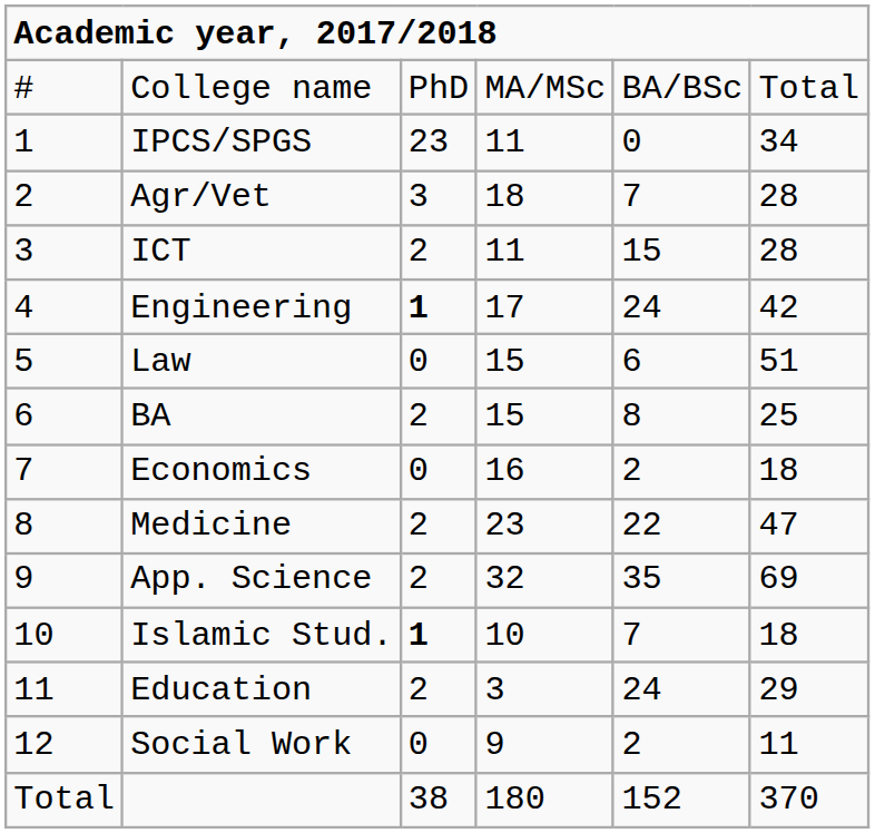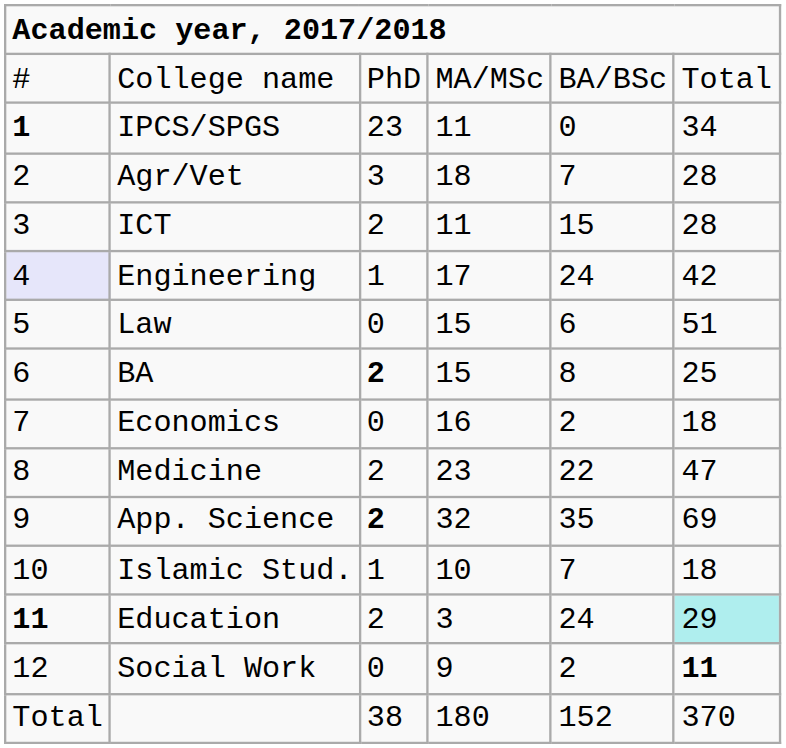 <table class="wikitable">
 <tr>
 <td colspan="7"><strong>Academic year, 2017/2018</strong></td>
 </tr>
 <tr>
 <td>#</td>
 <td>College name</td>
 <td>PhD</td>
 <td>MA/MSc</td>
 <td>BA/BSc</td>
 <td>Total</td>
 </tr>
 <tr>
-<td>1</td>
+<td><strong>1</strong></td>
 <td>IPCS/SPGS</td>
 <td>23</td>
 <td>11</td>
 <td>0</td>
 <td>34</td>
 </tr>
 <tr>
 <td>2</td>
 <td>Agr/Vet</td>
 <td>3</td>
 <td>18</td>
 <td>7</td>
 <td>28</td>
 </tr>
 <tr>
 <td>3</td>
 <td>ICT</td>
 <td>2</td>
 <td>11</td>
 <td>15</td>
 <td>28</td>
 </tr>
 <tr>
-<td>4</td>
+<td style="background: lavender;">4</td>
 <td>Engineering</td>
-<td><strong>1</strong></td>
+<td>1</td>
 <td>17</td>
 <td>24</td>
 <td>42</td>
 </tr>
 <tr>
 <td>5</td>
 <td>Law</td>
 <td>0</td>
 <td>15</td>
 <td>6</td>
 <td>51</td>
 </tr>
 <tr>
 <td>6</td>
 <td>BA</td>
-<td>2</td>
+<td><strong>2</strong></td>
 <td>15</td>
 <td>8</td>
 <td>25</td>
 </tr>
 <tr>
 <td>7</td>
 <td>Economics</td>
 <td>0</td>
 <td>16</td>
 <td>2</td>
 <td>18</td>
 </tr>
 <tr>
 <td>8</td>
 <td>Medicine</td>
 <td>2</td>
 <td>23</td>
 <td>22</td>
 <td>47</td>
 </tr>
 <tr>
 <td>9</td>
 <td>App. Science</td>
-<td>2</td>
+<td><strong>2</strong></td>
 <td>32</td>
 <td>35</td>
 <td>69</td>
 </tr>
 <tr>
 <td>10</td>
 <td>Islamic Stud.</td>
-<td><strong>1</strong></td>
+<td>1</td>
 <td>10</td>
 <td>7</td>
 <td>18</td>
 </tr>
 <tr>
-<td>11</td>
+<td><strong>11</strong></td>
 <td>Education</td>
 <td>2</td>
 <td>3</td>
 <td>24</td>
-<td>29</td>
+<td style="background: paleturquoise;">29</td>
 </tr>
 <tr>
 <td>12</td>
 <td>Social Work</td>
 <td>0</td>
 <td>9</td>
 <td>2</td>
-<td>11</td>
+<td><strong>11</strong></td>
 </tr>
 <tr>
 <td>Total</td>
 <td></td>
 <td>38</td>
 <td>180</td>
 <td>152</td>
 <td>370</td>
 </tr>
 </table>
